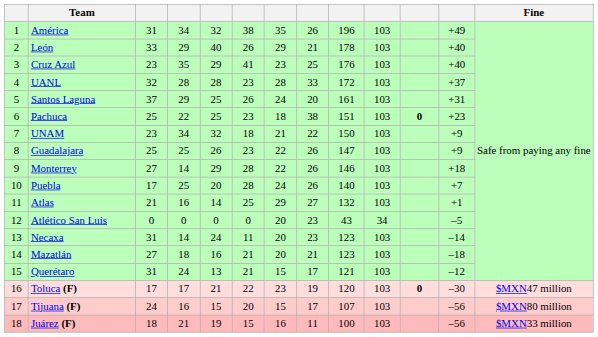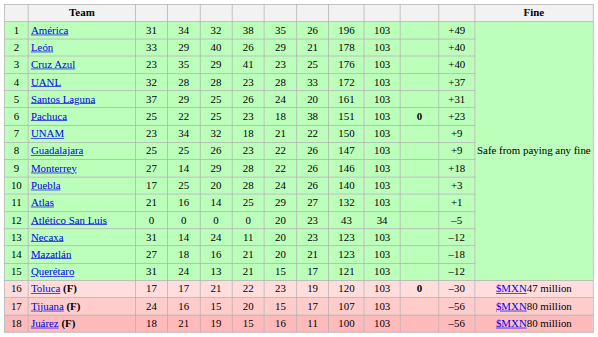 <table class="wikitable sortable" style="text-align: center;">
 <tr>
 <th width=28><br></th>
 <th width=150>Team</th>
 <th width=40></th>
 <th width=40></th>
 <th width=40></th>
 <th width=40></th>
 <th width=40></th>
 <th width=40></th>
 <th width=45></th>
 <th width=45></th>
 <th width=50><br></th>
 <th width=45><br></th>
 <th>Fine</th>
 </tr>
 <tr style="text-align:center;background:#BBFFBB;">
 <td>1</td>
 <td align=left><a href='#'>América</a></td>
 <td>31</td>
 <td>34</td>
 <td>32</td>
 <td>38</td>
 <td>35</td>
 <td>26</td>
 <td>196</td>
 <td>103</td>
 <td><strong></strong></td>
 <td>+49</td>
 <td align=center rowspan=15>Safe from paying any fine</td>
 </tr>
 <tr style="text-align:center;background:#BBFFBB;">
 <td>2</td>
 <td align=left><a href='#'>León</a></td>
 <td>33</td>
 <td>29</td>
 <td>40</td>
 <td>26</td>
 <td>29</td>
 <td>21</td>
 <td>178</td>
 <td>103</td>
 <td><strong></strong></td>
 <td>+40</td>
 </tr>
 <tr style="text-align:center;background:#BBFFBB;">
 <td>3</td>
 <td align=left><a href='#'>Cruz Azul</a></td>
 <td>23</td>
 <td>35</td>
 <td>29</td>
 <td>41</td>
 <td>23</td>
 <td>25</td>
 <td>176</td>
 <td>103</td>
 <td><strong></strong></td>
 <td>+40</td>
 </tr>
 <tr style="text-align:center;background:#BBFFBB;">
 <td>4</td>
 <td align=left><a href='#'>UANL</a></td>
 <td>32</td>
 <td>28</td>
 <td>28</td>
 <td>23</td>
 <td>28</td>
 <td>33</td>
 <td>172</td>
 <td>103</td>
 <td><strong></strong></td>
 <td>+37</td>
 </tr>
 <tr style="text-align:center;background:#BBFFBB;">
 <td>5</td>
 <td align=left><a href='#'>Santos Laguna</a></td>
 <td>37</td>
 <td>29</td>
 <td>25</td>
 <td>26</td>
 <td>24</td>
 <td>20</td>
 <td>161</td>
 <td>103</td>
 <td><strong></strong></td>
 <td>+31</td>
 </tr>
 <tr style="text-align:center;background:#BBFFBB;">
 <td>6</td>
 <td align=left><a href='#'>Pachuca</a></td>
 <td>25</td>
 <td>22</td>
 <td>25</td>
 <td>23</td>
 <td>18</td>
 <td>38</td>
 <td>151</td>
 <td>103</td>
 <td><strong>0</strong></td>
 <td>+23</td>
 </tr>
 <tr style="text-align:center;background:#BBFFBB;">
 <td>7</td>
 <td align=left><a href='#'>UNAM</a></td>
 <td>23</td>
 <td>34</td>
 <td>32</td>
 <td>18</td>
 <td>21</td>
 <td>22</td>
 <td>150</td>
 <td>103</td>
 <td><strong></strong></td>
 <td>+9</td>
 </tr>
 <tr style="text-align:center;background:#BBFFBB;">
 <td>8</td>
 <td align=left><a href='#'>Guadalajara</a></td>
 <td>25</td>
 <td>25</td>
 <td>26</td>
 <td>23</td>
 <td>22</td>
 <td>26</td>
 <td>147</td>
 <td>103</td>
 <td><strong></strong></td>
 <td>+9</td>
 </tr>
 <tr style="text-align:center;background:#BBFFBB;">
 <td>9</td>
 <td align=left><a href='#'>Monterrey</a></td>
 <td>27</td>
 <td>14</td>
 <td>29</td>
 <td>28</td>
 <td>22</td>
 <td>26</td>
 <td>146</td>
 <td>103</td>
 <td><strong></strong></td>
 <td>+18</td>
 </tr>
 <tr style="text-align:center;background:#BBFFBB;">
 <td>10</td>
 <td align=left><a href='#'>Puebla</a></td>
 <td>17</td>
 <td>25</td>
 <td>20</td>
 <td>28</td>
 <td>24</td>
 <td>26</td>
 <td>140</td>
 <td>103</td>
 <td><strong></strong></td>
-<td>+7</td>
+<td>+3</td>
 </tr>
 <tr style="text-align:center;background:#BBFFBB;">
 <td>11</td>
 <td align=left><a href='#'>Atlas</a></td>
 <td>21</td>
 <td>16</td>
 <td>14</td>
 <td>25</td>
 <td>29</td>
 <td>27</td>
 <td>132</td>
 <td>103</td>
 <td><strong></strong></td>
 <td>+1</td>
 </tr>
 <tr style="text-align:center;background:#BBFFBB;">
 <td>12</td>
 <td align=left><a href='#'>Atlético San Luis</a></td>
 <td>0</td>
 <td>0</td>
 <td>0</td>
 <td>0</td>
 <td>20</td>
 <td>23</td>
 <td>43</td>
 <td>34</td>
 <td><strong></strong></td>
 <td>–5</td>
 </tr>
 <tr style="text-align:center;background:#BBFFBB;">
 <td>13</td>
 <td align=left><a href='#'>Necaxa</a></td>
 <td>31</td>
 <td>14</td>
 <td>24</td>
 <td>11</td>
 <td>20</td>
 <td>23</td>
 <td>123</td>
 <td>103</td>
 <td><strong></strong></td>
-<td>–14</td>
+<td>–12</td>
 </tr>
 <tr style="text-align:center;background:#BBFFBB;">
 <td>14</td>
 <td align=left><a href='#'>Mazatlán</a></td>
 <td>27</td>
 <td>18</td>
 <td>16</td>
 <td>21</td>
 <td>20</td>
 <td>21</td>
 <td>123</td>
 <td>103</td>
 <td><strong></strong></td>
 <td>–18</td>
 </tr>
 <tr style="text-align:center;background:#BBFFBB;">
 <td>15</td>
 <td align=left><a href='#'>Querétaro</a></td>
 <td>31</td>
 <td>24</td>
 <td>13</td>
 <td>21</td>
 <td>15</td>
 <td>17</td>
 <td>121</td>
 <td>103</td>
 <td><strong></strong></td>
 <td>–12</td>
 </tr>
 <tr style="text-align:center;background:#FFDDDD;">
 <td>16</td>
 <td align=left><a href='#'>Toluca</a> <strong>(F)</strong></td>
 <td>17</td>
 <td>17</td>
 <td>21</td>
 <td>22</td>
 <td>23</td>
 <td>19</td>
 <td>120</td>
 <td>103</td>
 <td><strong>0</strong></td>
 <td>–30</td>
 <td><a href='#'>$MXN</a>47 million</td>
 </tr>
 <tr style="text-align:center;background:#FFCCCC;">
 <td>17</td>
 <td align=left><a href='#'>Tijuana</a> <strong>(F)</strong></td>
 <td>24</td>
 <td>16</td>
 <td>15</td>
 <td>20</td>
 <td>15</td>
 <td>17</td>
 <td>107</td>
 <td>103</td>
 <td><strong></strong></td>
 <td>–56</td>
 <td><a href='#'>$MXN</a>80 million</td>
 </tr>
 <tr style="text-align:center;background:#FFBBBB;">
 <td>18</td>
 <td align=left><a href='#'>Juárez</a> <strong>(F)</strong></td>
 <td>18</td>
 <td>21</td>
 <td>19</td>
 <td>15</td>
 <td>16</td>
 <td>11</td>
 <td>100</td>
 <td>103</td>
 <td><strong></strong></td>
 <td>–56</td>
-<td><a href='#'>$MXN</a>33 million</td>
+<td><a href='#'>$MXN</a>80 million</td>
 </tr>
 </table>
